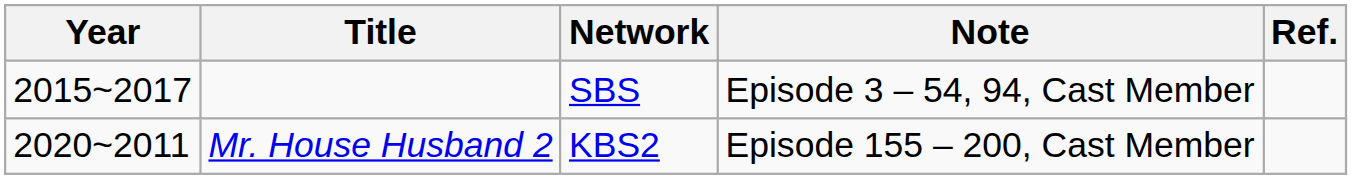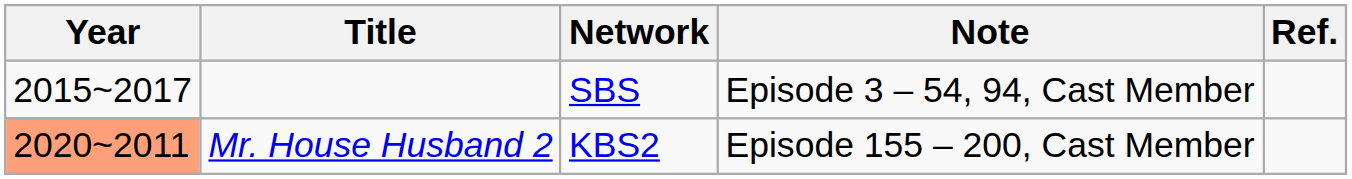 <table class="wikitable">
 <tr>
 <th>Year</th>
 <th>Title</th>
 <th>Network</th>
 <th>Note</th>
 <th>Ref.</th>
 </tr>
 <tr>
 <td>2015~2017</td>
 <td><em></em></td>
 <td><a href='#'>SBS</a></td>
 <td>Episode 3 – 54, 94, Cast Member</td>
 </tr>
 <tr>
-<td>2020~2011</td>
+<td style="background: lightsalmon;">2020~2011</td>
 <td><em><a href='#'>Mr. House Husband 2</a></em></td>
 <td><a href='#'>KBS2</a></td>
 <td>Episode 155 – 200, Cast Member</td>
 <td></td>
 </tr>
 </table>
